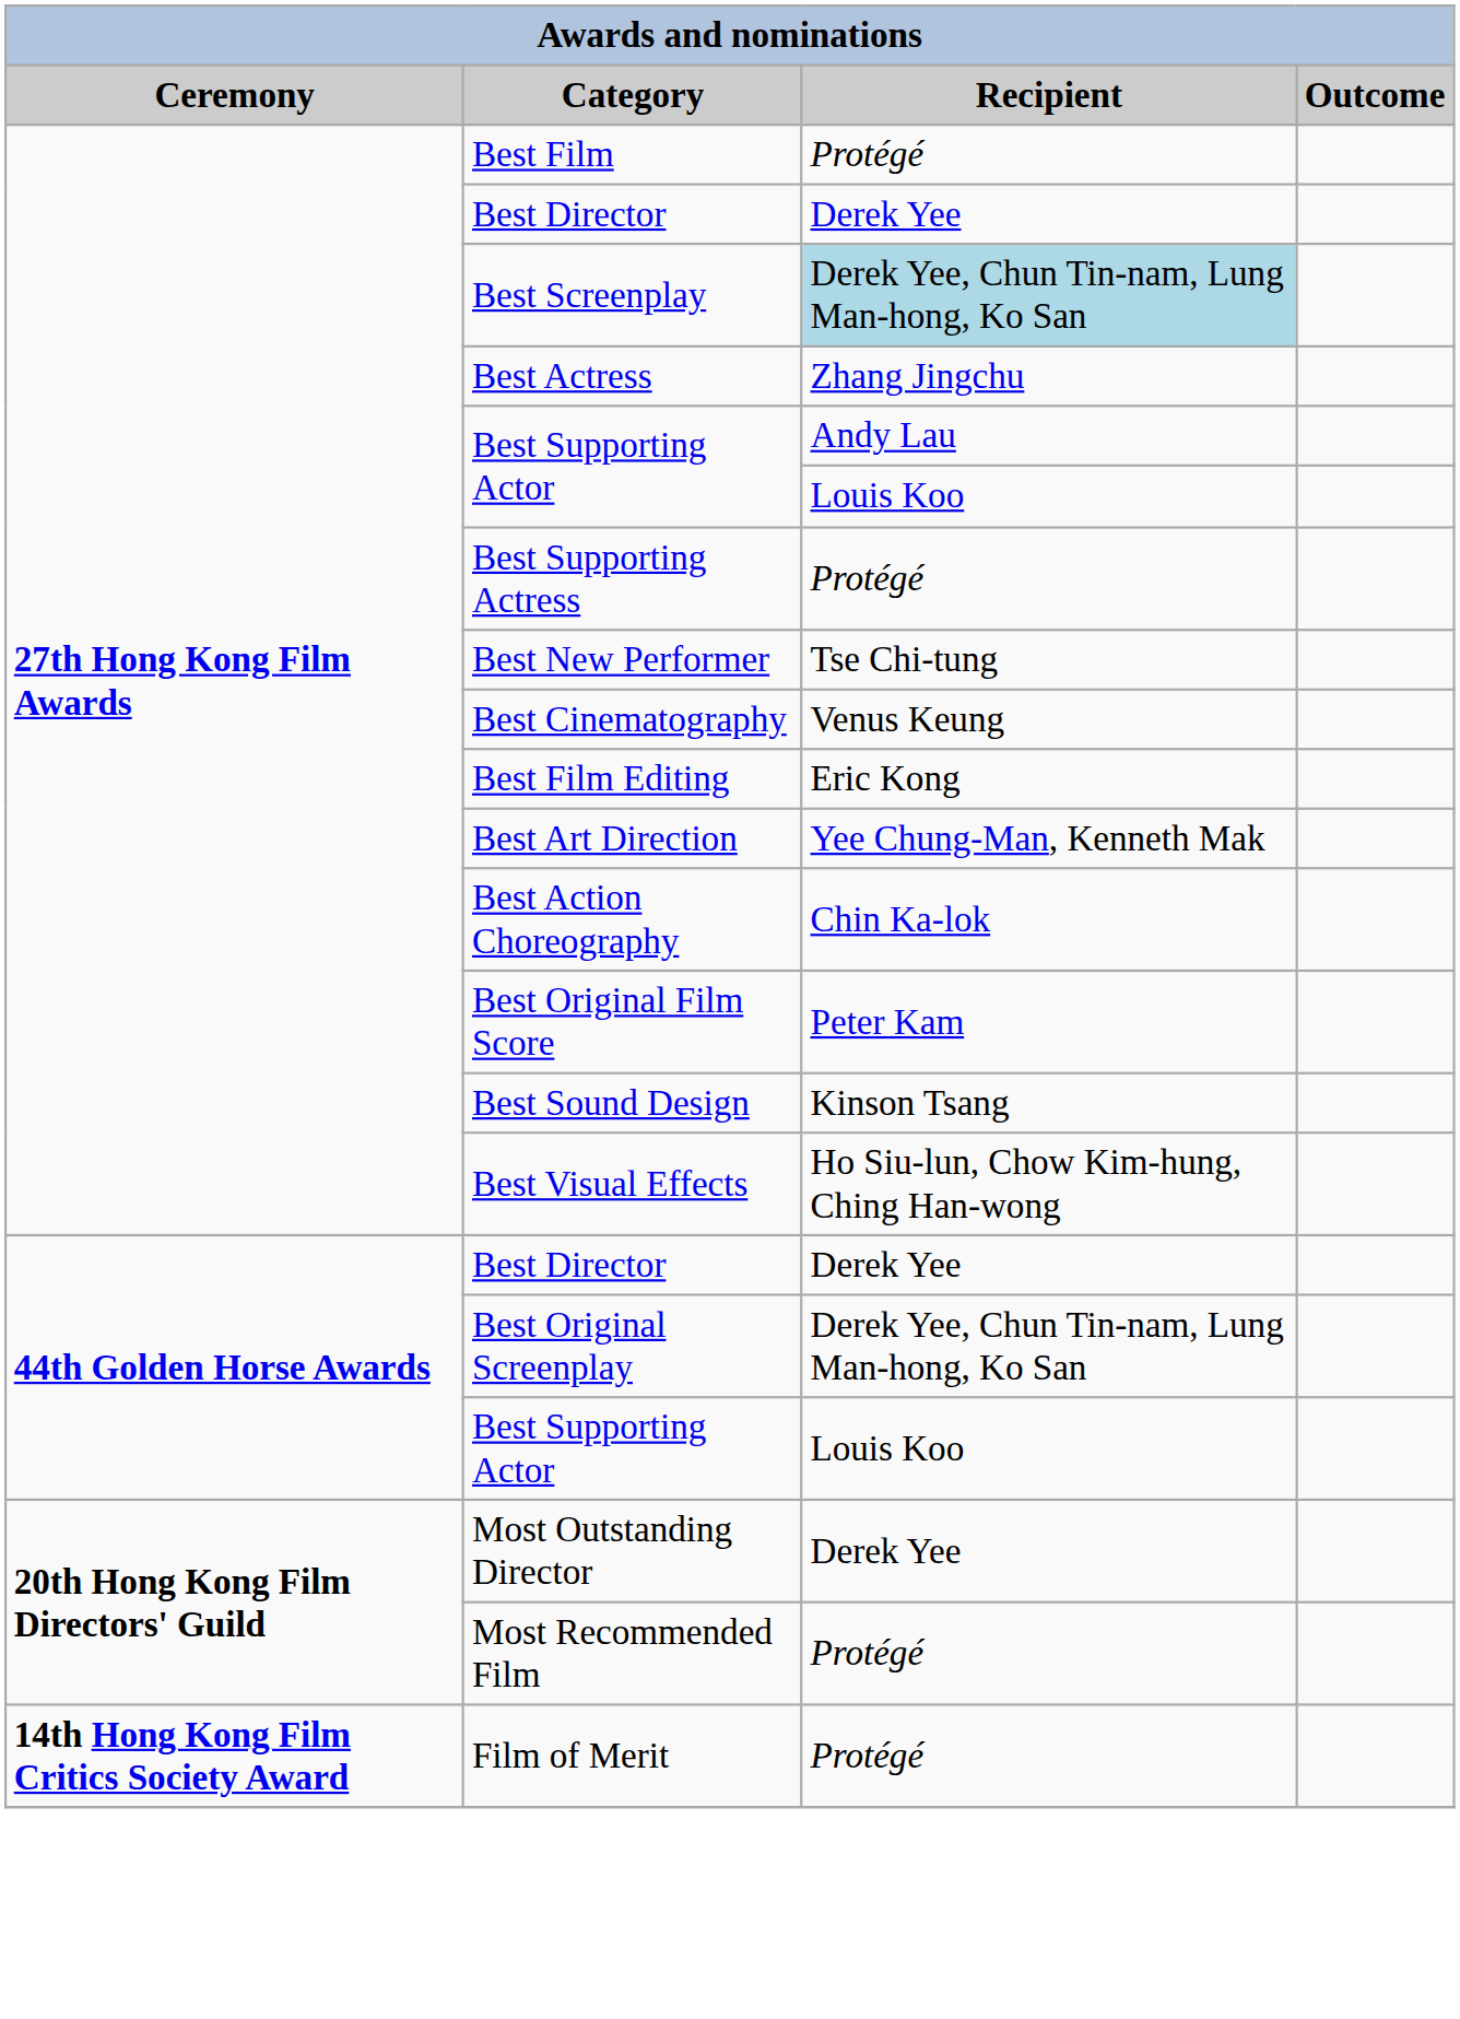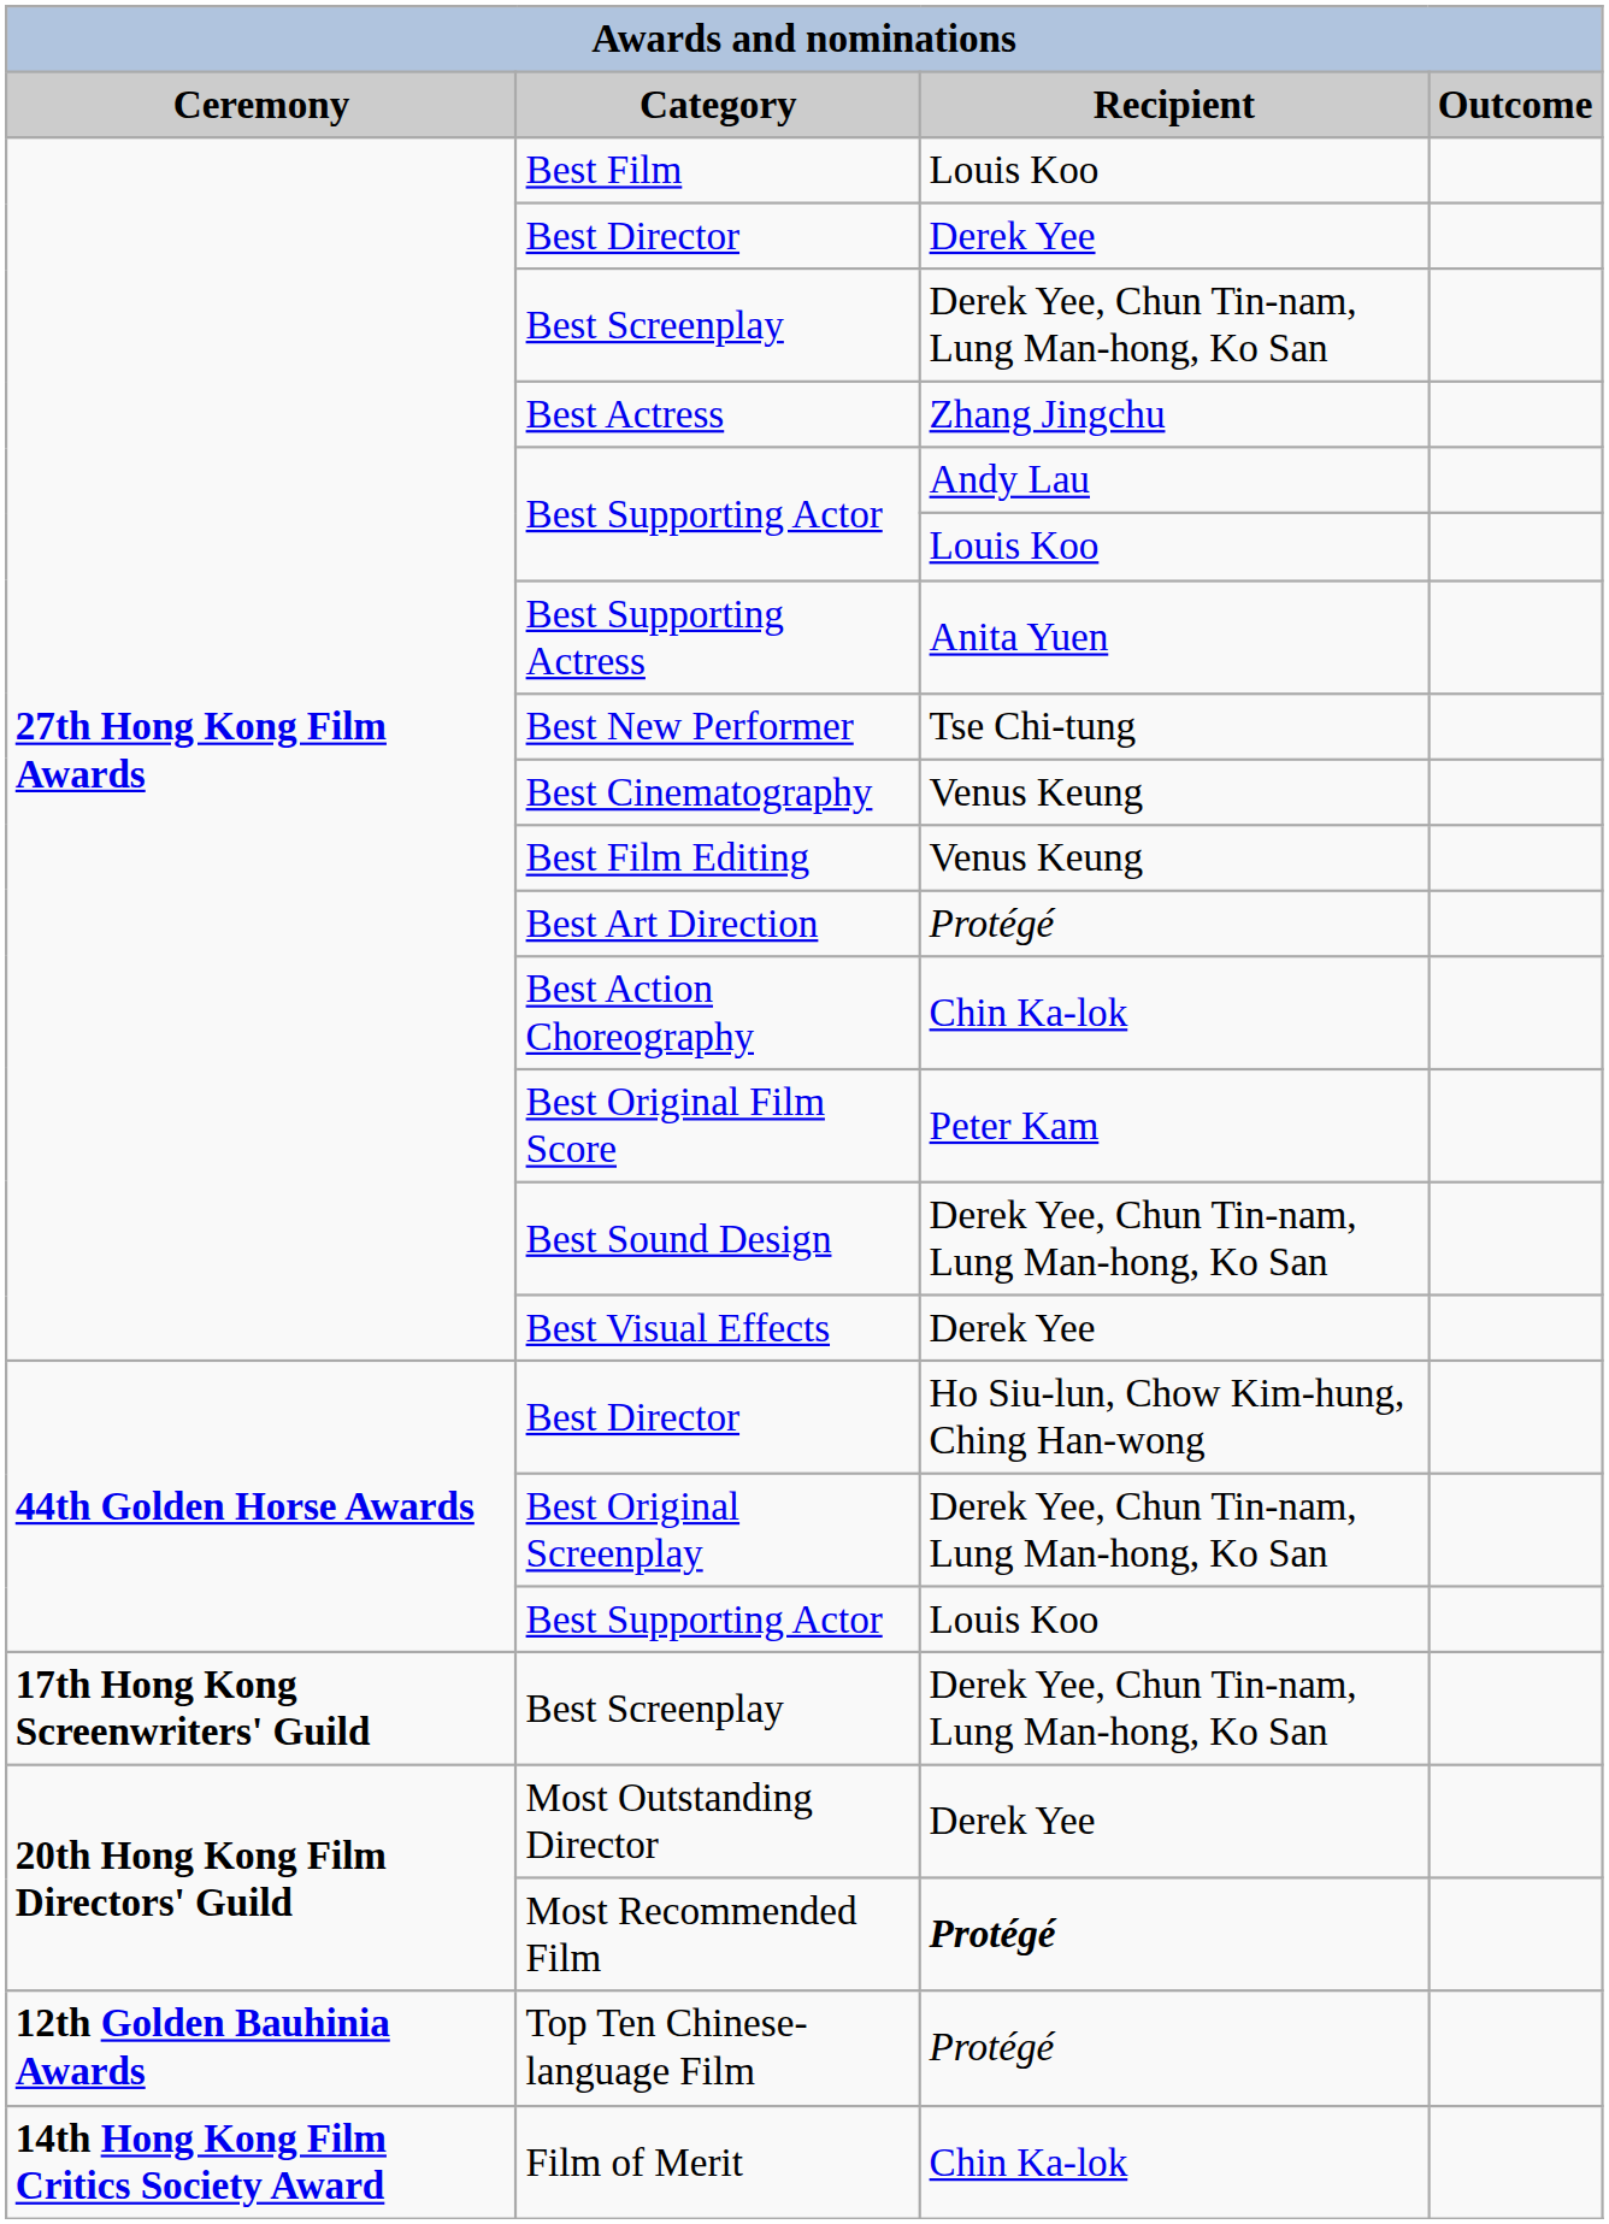 <table class="wikitable" style="font-size:95%;" ;>
 <tr style="background:#ccc; text-align:center;">
 <th colspan="4" style="background: LightSteelBlue;">Awards and nominations</th>
 </tr>
 <tr style="background:#ccc; text-align:center;">
 <th style="background:#ccc">Ceremony</th>
 <th style="background:#ccc">Category</th>
 <th style="background:#ccc">Recipient</th>
 <th style="background:#ccc">Outcome</th>
 </tr>
 <tr>
 <td rowspan=15><strong><a href='#'>27th Hong Kong Film Awards</a></strong></td>
 <td><a href='#'>Best Film</a></td>
-<td><em>Protégé</em></td>
+<td>Louis Koo</td>
 <td></td>
 </tr>
 <tr>
 <td><a href='#'>Best Director</a></td>
 <td><a href='#'>Derek Yee</a></td>
 <td></td>
 </tr>
 <tr>
 <td><a href='#'>Best Screenplay</a></td>
-<td style="background: lightblue;">Derek Yee, Chun Tin-nam, Lung Man-hong, Ko San</td>
+<td>Derek Yee, Chun Tin-nam, Lung Man-hong, Ko San</td>
 <td></td>
 </tr>
 <tr>
 <td><a href='#'>Best Actress</a></td>
 <td><a href='#'>Zhang Jingchu</a></td>
 <td></td>
 </tr>
 <tr>
 <td rowspan=2><a href='#'>Best Supporting Actor</a></td>
 <td><a href='#'>Andy Lau</a></td>
 <td></td>
 </tr>
 <tr>
 <td><a href='#'>Louis Koo</a></td>
 <td></td>
 </tr>
 <tr>
 <td><a href='#'>Best Supporting Actress</a></td>
-<td><em>Protégé</em></td>
+<td><a href='#'>Anita Yuen</a></td>
 <td></td>
 </tr>
 <tr>
 <td><a href='#'>Best New Performer</a></td>
 <td>Tse Chi-tung</td>
 <td></td>
 </tr>
 <tr>
 <td><a href='#'>Best Cinematography</a></td>
 <td>Venus Keung</td>
 <td></td>
 </tr>
 <tr>
 <td><a href='#'>Best Film Editing</a></td>
-<td>Eric Kong</td>
+<td>Venus Keung</td>
 <td></td>
 </tr>
 <tr>
 <td><a href='#'>Best Art Direction</a></td>
-<td><a href='#'>Yee Chung-Man</a>, Kenneth Mak</td>
+<td><em>Protégé</em></td>
 <td></td>
 </tr>
 <tr>
 <td><a href='#'>Best Action Choreography</a></td>
 <td><a href='#'>Chin Ka-lok</a></td>
 <td></td>
 </tr>
 <tr>
 <td><a href='#'>Best Original Film Score</a></td>
 <td><a href='#'>Peter Kam</a></td>
 <td></td>
 </tr>
 <tr>
 <td><a href='#'>Best Sound Design</a></td>
-<td>Kinson Tsang</td>
+<td>Derek Yee, Chun Tin-nam, Lung Man-hong, Ko San</td>
 <td></td>
 </tr>
 <tr>
 <td><a href='#'>Best Visual Effects</a></td>
-<td>Ho Siu-lun, Chow Kim-hung, Ching Han-wong</td>
+<td>Derek Yee</td>
 <td></td>
 </tr>
 <tr>
 <td rowspan=3><strong><a href='#'>44th Golden Horse Awards</a></strong></td>
 <td><a href='#'>Best Director</a></td>
-<td>Derek Yee</td>
+<td>Ho Siu-lun, Chow Kim-hung, Ching Han-wong</td>
 <td></td>
 </tr>
 <tr>
 <td><a href='#'>Best Original Screenplay</a></td>
 <td>Derek Yee, Chun Tin-nam, Lung Man-hong, Ko San</td>
 <td></td>
 </tr>
 <tr>
 <td><a href='#'>Best Supporting Actor</a></td>
 <td>Louis Koo</td>
 <td></td>
 </tr>
 <tr>
+<td><strong>17th Hong Kong Screenwriters' Guild</strong></td>
+<td>Best Screenplay</td>
+<td>Derek Yee, Chun Tin-nam, Lung Man-hong, Ko San</td>
+<td></td>
+</tr>
+<tr>
 <td rowspan=2><strong>20th Hong Kong Film Directors' Guild</strong></td>
 <td>Most Outstanding Director</td>
 <td>Derek Yee</td>
 <td></td>
 </tr>
 <tr>
 <td>Most Recommended Film</td>
+<td><strong><em>Protégé</em></strong></td>
+<td></td>
+</tr>
+<tr>
+<td><strong>12th <a href='#'>Golden Bauhinia Awards</a></strong></td>
+<td>Top Ten Chinese-language Film</td>
 <td><em>Protégé</em></td>
 <td></td>
 </tr>
 <tr>
 <td><strong>14th <a href='#'>Hong Kong Film Critics Society Award</a></strong></td>
 <td>Film of Merit</td>
-<td><em>Protégé</em></td>
+<td><a href='#'>Chin Ka-lok</a></td>
 <td></td>
 </tr>
 <tr>
 </tr>
 </table>
